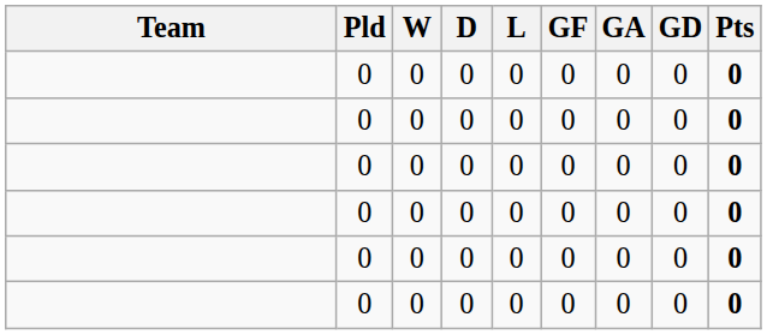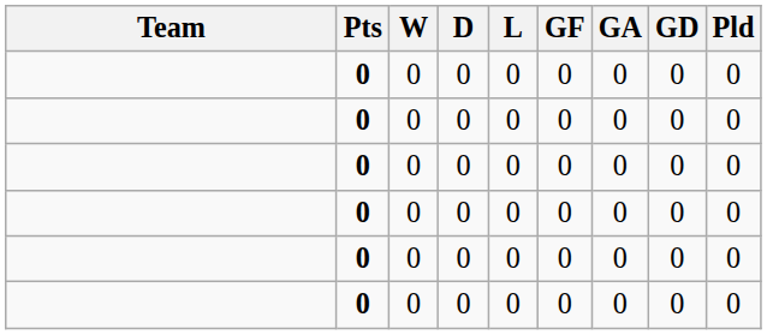 <table class="wikitable" style="text-align: center;">
 <tr>
 <th width="175">Team</th>
-<th width="20">Pld</th>
+<th width="20">Pts</th>
 <th width="20">W</th>
 <th width="20">D</th>
 <th width="20">L</th>
 <th width="20">GF</th>
 <th width="20">GA</th>
 <th width="20">GD</th>
-<th width="20">Pts</th>
+<th width="20">Pld</th>
 </tr>
 <tr>
 <td align=left></td>
+<td><strong>0</strong></td>
 <td>0</td>
 <td>0</td>
 <td>0</td>
 <td>0</td>
 <td>0</td>
 <td>0</td>
 <td>0</td>
-<td><strong>0</strong></td>
 </tr>
 <tr>
 <td align=left></td>
+<td><strong>0</strong></td>
 <td>0</td>
 <td>0</td>
 <td>0</td>
 <td>0</td>
 <td>0</td>
 <td>0</td>
 <td>0</td>
-<td><strong>0</strong></td>
 </tr>
 <tr>
 <td align=left><strong></strong></td>
+<td><strong>0</strong></td>
 <td>0</td>
 <td>0</td>
 <td>0</td>
 <td>0</td>
 <td>0</td>
 <td>0</td>
 <td>0</td>
-<td><strong>0</strong></td>
 </tr>
 <tr>
 <td align=left></td>
+<td><strong>0</strong></td>
 <td>0</td>
 <td>0</td>
 <td>0</td>
 <td>0</td>
 <td>0</td>
 <td>0</td>
 <td>0</td>
-<td><strong>0</strong></td>
 </tr>
 <tr>
 <td align=left></td>
+<td><strong>0</strong></td>
 <td>0</td>
 <td>0</td>
 <td>0</td>
 <td>0</td>
 <td>0</td>
 <td>0</td>
 <td>0</td>
-<td><strong>0</strong></td>
 </tr>
 <tr>
 <td align=left></td>
+<td><strong>0</strong></td>
 <td>0</td>
 <td>0</td>
 <td>0</td>
 <td>0</td>
 <td>0</td>
 <td>0</td>
 <td>0</td>
-<td><strong>0</strong></td>
 </tr>
 </table>
